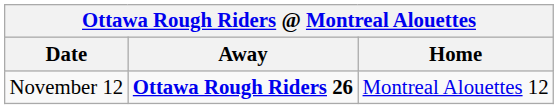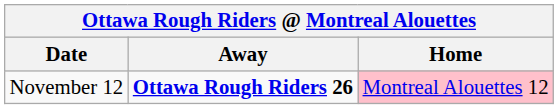 <table class="wikitable">
 <tr>
 <th colspan="3"><a href='#'>Ottawa Rough Riders</a> @ <a href='#'>Montreal Alouettes</a></th>
 </tr>
 <tr>
 <th>Date</th>
 <th>Away</th>
 <th>Home</th>
 </tr>
 <tr>
 <td>November 12</td>
 <td><strong><a href='#'>Ottawa Rough Riders</a> 26</strong></td>
-<td><a href='#'>Montreal Alouettes</a> 12</td>
+<td style="background: pink;"><a href='#'>Montreal Alouettes</a> 12</td>
 </tr>
 </table>
